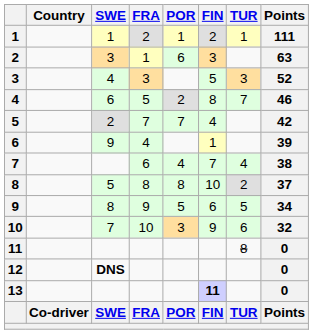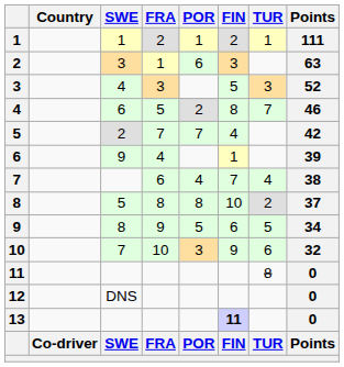 <table class="wikitable" style="font-size: 85%; text-align: center;">
 <tr valign="top">
 <th valign="middle"></th>
 <th valign="middle">Country</th>
 <th><a href='#'>SWE</a><br></th>
 <th><a href='#'>FRA</a><br></th>
 <th><a href='#'>POR</a><br></th>
 <th><a href='#'>FIN</a><br></th>
 <th><a href='#'>TUR</a><br></th>
 <th valign="middle">Points</th>
 </tr>
 <tr>
 <th>1</th>
 <td align="left"></td>
 <td style="background:#ffffbf;">1</td>
 <td style="background:#dfdfdf;">2</td>
 <td style="background:#ffffbf;">1</td>
 <td style="background:#dfdfdf;">2</td>
 <td style="background:#ffffbf;">1</td>
 <th>111</th>
 </tr>
 <tr>
 <th>2</th>
 <td align="left"></td>
 <td style="background:#ffdf9f;">3</td>
 <td style="background:#ffffbf;">1</td>
 <td style="background:#dfffdf;">6</td>
 <td style="background:#ffdf9f;">3</td>
 <td></td>
 <th>63</th>
 </tr>
 <tr>
 <th>3</th>
 <td align="left"></td>
 <td style="background:#dfffdf;">4</td>
 <td style="background:#ffdf9f;">3</td>
 <td></td>
 <td style="background:#dfffdf;">5</td>
 <td style="background:#ffdf9f;">3</td>
 <th>52</th>
 </tr>
 <tr>
 <th>4</th>
 <td align="left"></td>
 <td style="background:#dfffdf;">6</td>
 <td style="background:#dfffdf;">5</td>
 <td style="background:#dfdfdf;">2</td>
 <td style="background:#dfffdf;">8</td>
 <td style="background:#dfffdf;">7</td>
 <th>46</th>
 </tr>
 <tr>
 <th>5</th>
 <td align="left"></td>
 <td style="background:#dfdfdf;">2</td>
 <td style="background:#dfffdf;">7</td>
 <td style="background:#dfffdf;">7</td>
 <td style="background:#dfffdf;">4</td>
 <td></td>
 <th>42</th>
 </tr>
 <tr>
 <th>6</th>
 <td align="left"></td>
 <td style="background:#dfffdf;">9</td>
 <td style="background:#dfffdf;">4</td>
 <td></td>
 <td style="background:#ffffbf;">1</td>
 <td></td>
 <th>39</th>
 </tr>
 <tr>
 <th>7</th>
 <td align="left"></td>
 <td></td>
 <td style="background:#dfffdf;">6</td>
 <td style="background:#dfffdf;">4</td>
 <td style="background:#dfffdf;">7</td>
 <td style="background:#dfffdf;">4</td>
 <th>38</th>
 </tr>
 <tr>
 <th>8</th>
 <td align="left"></td>
 <td style="background:#dfffdf;">5</td>
 <td style="background:#dfffdf;">8</td>
 <td style="background:#dfffdf;">8</td>
 <td style="background:#dfffdf;">10</td>
 <td style="background:#dfdfdf;">2</td>
 <th>37</th>
 </tr>
 <tr>
 <th>9</th>
 <td align="left"></td>
 <td style="background:#dfffdf;">8</td>
 <td style="background:#dfffdf;">9</td>
 <td style="background:#dfffdf;">5</td>
 <td style="background:#dfffdf;">6</td>
 <td style="background:#dfffdf;">5</td>
 <th>34</th>
 </tr>
 <tr>
 <th>10</th>
 <td align="left"></td>
 <td style="background:#dfffdf;">7</td>
 <td style="background:#dfffdf;">10</td>
 <td style="background:#ffdf9f;">3</td>
 <td style="background:#dfffdf;">9</td>
 <td style="background:#dfffdf;">6</td>
 <th>32</th>
 </tr>
 <tr>
 <th>11</th>
 <td align="left"></td>
 <td></td>
 <td></td>
 <td></td>
 <td></td>
 <td><s>8</s></td>
 <th>0</th>
 </tr>
 <tr>
 <th>12</th>
 <td align="left"></td>
-<td><strong>DNS</strong></td>
+<td>DNS</td>
 <td></td>
 <td></td>
 <td></td>
 <td></td>
 <th>0</th>
 </tr>
 <tr>
 <th>13</th>
 <td align="left"></td>
 <td></td>
 <td></td>
 <td></td>
 <td style="background:#cfcfff;"><strong>11</strong></td>
 <td></td>
 <th>0</th>
 </tr>
 <tr valign="top">
 <th valign="middle"></th>
 <th valign="middle">Co-driver</th>
 <th><a href='#'>SWE</a><br></th>
 <th><a href='#'>FRA</a><br></th>
 <th><a href='#'>POR</a><br></th>
 <th><a href='#'>FIN</a><br></th>
 <th><a href='#'>TUR</a><br></th>
 <th valign="middle">Points</th>
 </tr>
 <tr>
 <th colspan="10"></th>
 </tr>
 </table>
